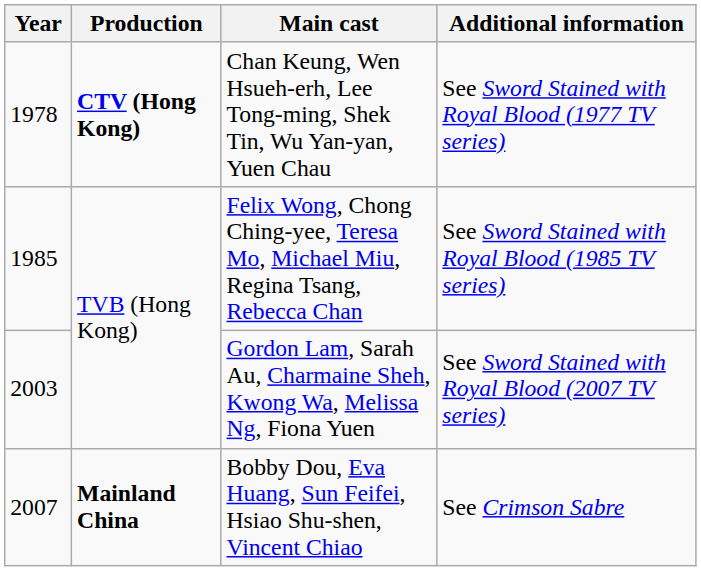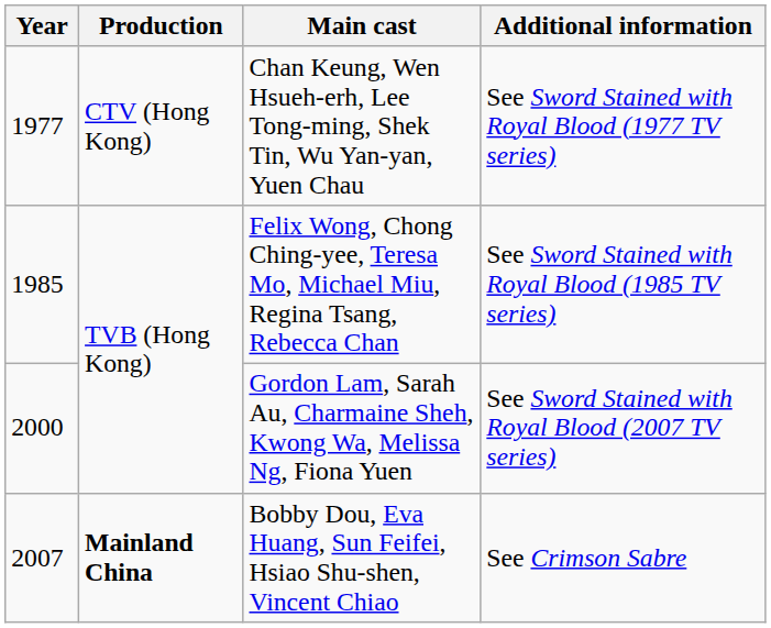 <table class="wikitable" width=75%>
 <tr>
 <th width=5%>Year</th>
 <th width=15%>Production</th>
 <th width=25%>Main cast</th>
 <th width=30%>Additional information</th>
 </tr>
 <tr>
-<td>1978</td>
-<td><strong><a href='#'>CTV</a> (Hong Kong)</strong></td>
+<td>1977</td>
+<td><a href='#'>CTV</a> (Hong Kong)</td>
 <td>Chan Keung, Wen Hsueh-erh, Lee Tong-ming, Shek Tin, Wu Yan-yan, Yuen Chau</td>
 <td>See <em><a href='#'>Sword Stained with Royal Blood (1977 TV series)</a></em></td>
 </tr>
 <tr>
 <td>1985</td>
 <td rowspan=2><a href='#'>TVB</a> (Hong Kong)</td>
 <td><a href='#'>Felix Wong</a>, Chong Ching-yee, <a href='#'>Teresa Mo</a>, <a href='#'>Michael Miu</a>, Regina Tsang, <a href='#'>Rebecca Chan</a></td>
 <td>See <em><a href='#'>Sword Stained with Royal Blood (1985 TV series)</a></em></td>
 </tr>
 <tr>
-<td>2003</td>
+<td>2000</td>
 <td><a href='#'>Gordon Lam</a>, Sarah Au, <a href='#'>Charmaine Sheh</a>, <a href='#'>Kwong Wa</a>, <a href='#'>Melissa Ng</a>, Fiona Yuen</td>
 <td>See <em><a href='#'>Sword Stained with Royal Blood (2007 TV series)</a></em></td>
 </tr>
 <tr>
 <td>2007</td>
 <td><strong>Mainland China</strong></td>
 <td>Bobby Dou, <a href='#'>Eva Huang</a>, <a href='#'>Sun Feifei</a>, Hsiao Shu-shen, <a href='#'>Vincent Chiao</a></td>
 <td>See <em><a href='#'>Crimson Sabre</a></em></td>
 </tr>
 </table>
